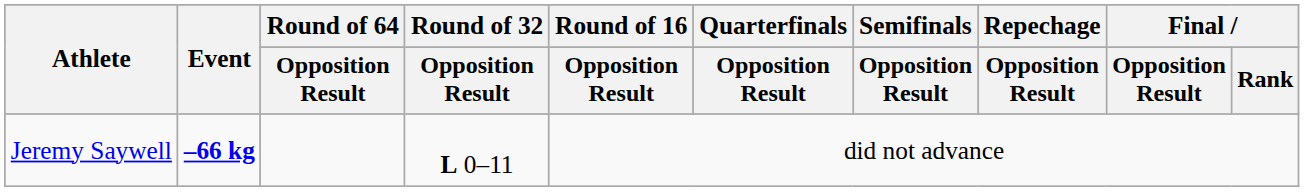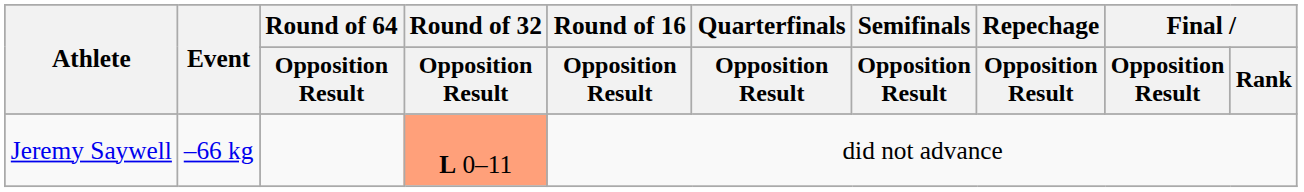 <table class="wikitable" style="text-align:center; font-size:90%">
 <tr>
 <th rowspan=2>Athlete</th>
 <th rowspan=2>Event</th>
 <th>Round of 64</th>
 <th>Round of 32</th>
 <th>Round of 16</th>
 <th>Quarterfinals</th>
 <th>Semifinals</th>
 <th>Repechage</th>
 <th colspan=2>Final / </th>
 </tr>
 <tr style="font-size:95%">
 <th>Opposition<br>Result</th>
 <th>Opposition<br>Result</th>
 <th>Opposition<br>Result</th>
 <th>Opposition<br>Result</th>
 <th>Opposition<br>Result</th>
 <th>Opposition<br>Result</th>
 <th>Opposition<br>Result</th>
 <th>Rank</th>
 </tr>
 <tr>
 <td align=left><a href='#'>Jeremy Saywell</a></td>
-<td align=left><strong><a href='#'>–66 kg</a></strong></td>
+<td align=left><a href='#'>–66 kg</a></td>
 <td></td>
-<td><br><strong>L</strong> 0–11</td>
+<td style="background: lightsalmon;"><br><strong>L</strong> 0–11</td>
 <td colspan=6>did not advance</td>
 </tr>
 </table>
